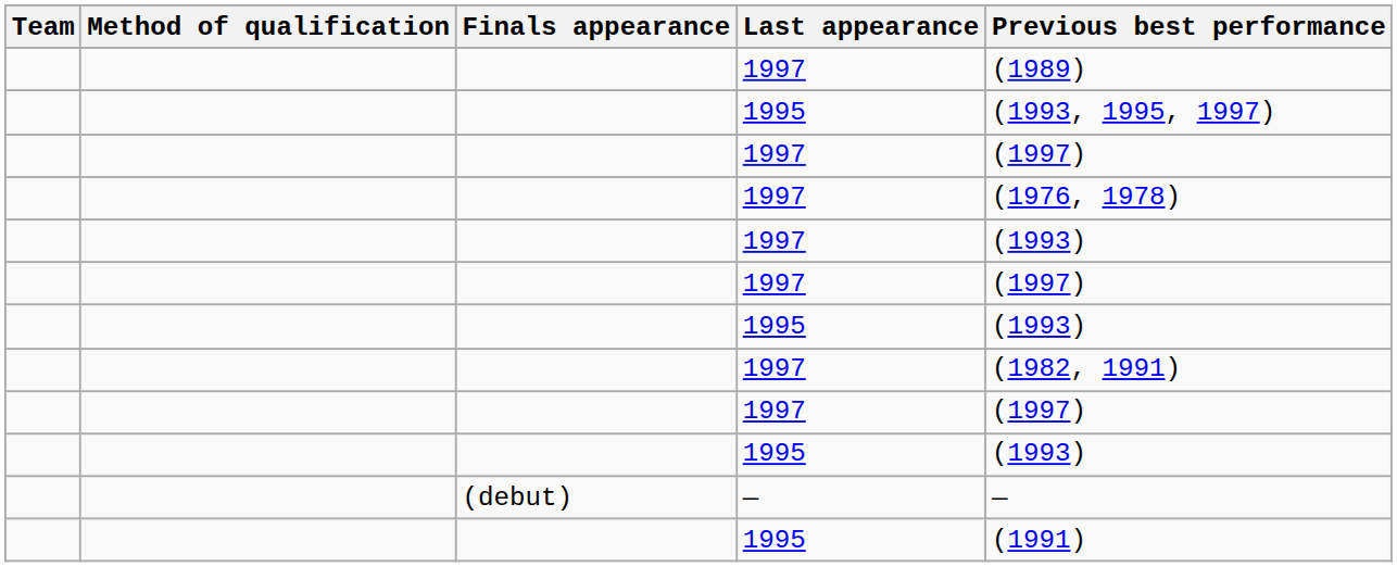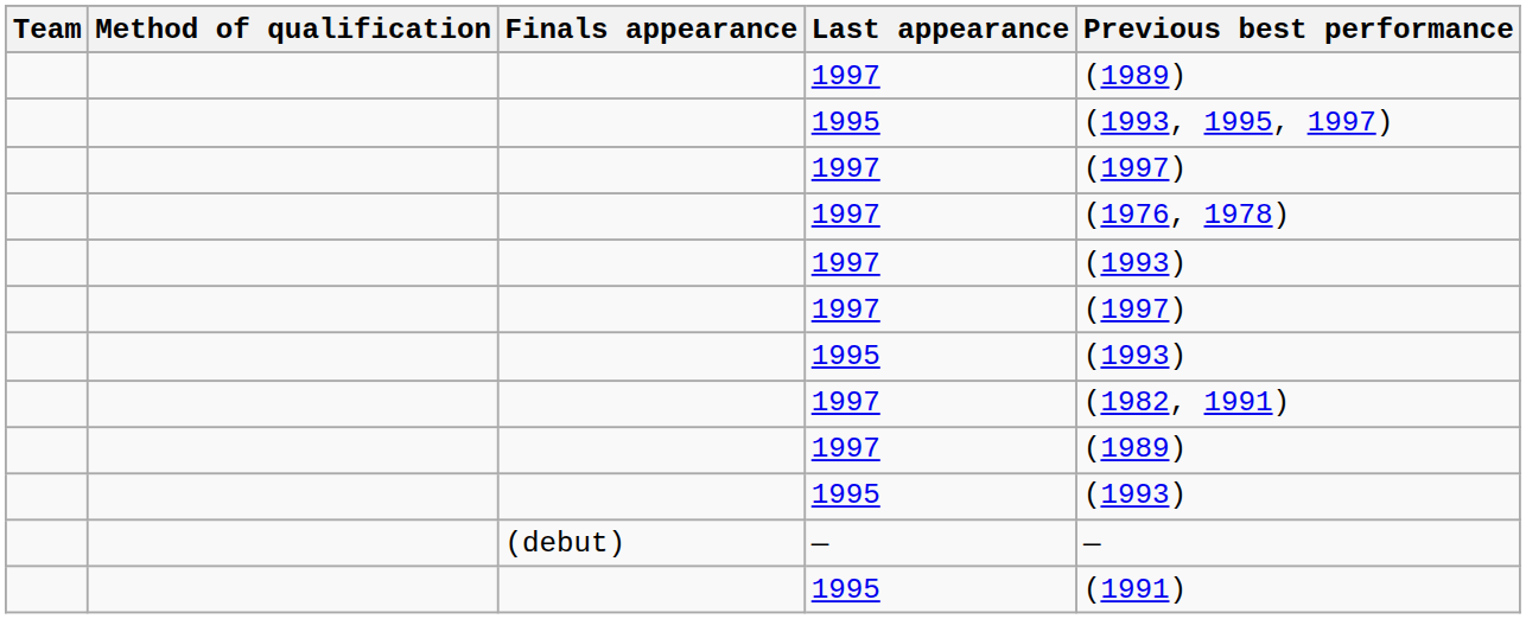 <table class="wikitable sortable">
 <tr>
 <th>Team</th>
 <th>Method of qualification</th>
 <th>Finals appearance</th>
 <th>Last appearance</th>
 <th>Previous best performance</th>
 </tr>
 <tr>
 <td></td>
 <td></td>
 <td></td>
 <td><a href='#'>1997</a></td>
 <td> (<a href='#'>1989</a>)</td>
 </tr>
 <tr>
 <td></td>
 <td></td>
 <td></td>
 <td><a href='#'>1995</a></td>
 <td> (<a href='#'>1993</a>, <a href='#'>1995</a>, <a href='#'>1997</a>)</td>
 </tr>
 <tr>
 <td></td>
 <td></td>
 <td></td>
 <td><a href='#'>1997</a></td>
 <td> (<a href='#'>1997</a>)</td>
 </tr>
 <tr>
 <td></td>
 <td></td>
 <td></td>
 <td><a href='#'>1997</a></td>
 <td> (<a href='#'>1976</a>, <a href='#'>1978</a>)</td>
 </tr>
 <tr>
 <td></td>
 <td></td>
 <td></td>
 <td><a href='#'>1997</a></td>
 <td> (<a href='#'>1993</a>)</td>
 </tr>
 <tr>
 <td></td>
 <td></td>
 <td></td>
 <td><a href='#'>1997</a></td>
 <td> (<a href='#'>1997</a>)</td>
 </tr>
 <tr>
 <td></td>
 <td></td>
 <td></td>
 <td><a href='#'>1995</a></td>
 <td> (<a href='#'>1993</a>)</td>
 </tr>
 <tr>
 <td></td>
 <td></td>
 <td></td>
 <td><a href='#'>1997</a></td>
 <td> (<a href='#'>1982</a>, <a href='#'>1991</a>)</td>
 </tr>
 <tr>
 <td></td>
 <td></td>
 <td></td>
 <td><a href='#'>1997</a></td>
-<td> (<a href='#'>1997</a>)</td>
+<td> (<a href='#'>1989</a>)</td>
 </tr>
 <tr>
 <td></td>
 <td></td>
 <td></td>
 <td><a href='#'>1995</a></td>
 <td> (<a href='#'>1993</a>)</td>
 </tr>
 <tr>
 <td></td>
 <td></td>
 <td> (debut)</td>
 <td>—</td>
 <td>—</td>
 </tr>
 <tr>
 <td></td>
 <td></td>
 <td></td>
 <td><a href='#'>1995</a></td>
 <td> (<a href='#'>1991</a>)</td>
 </tr>
 </table>
